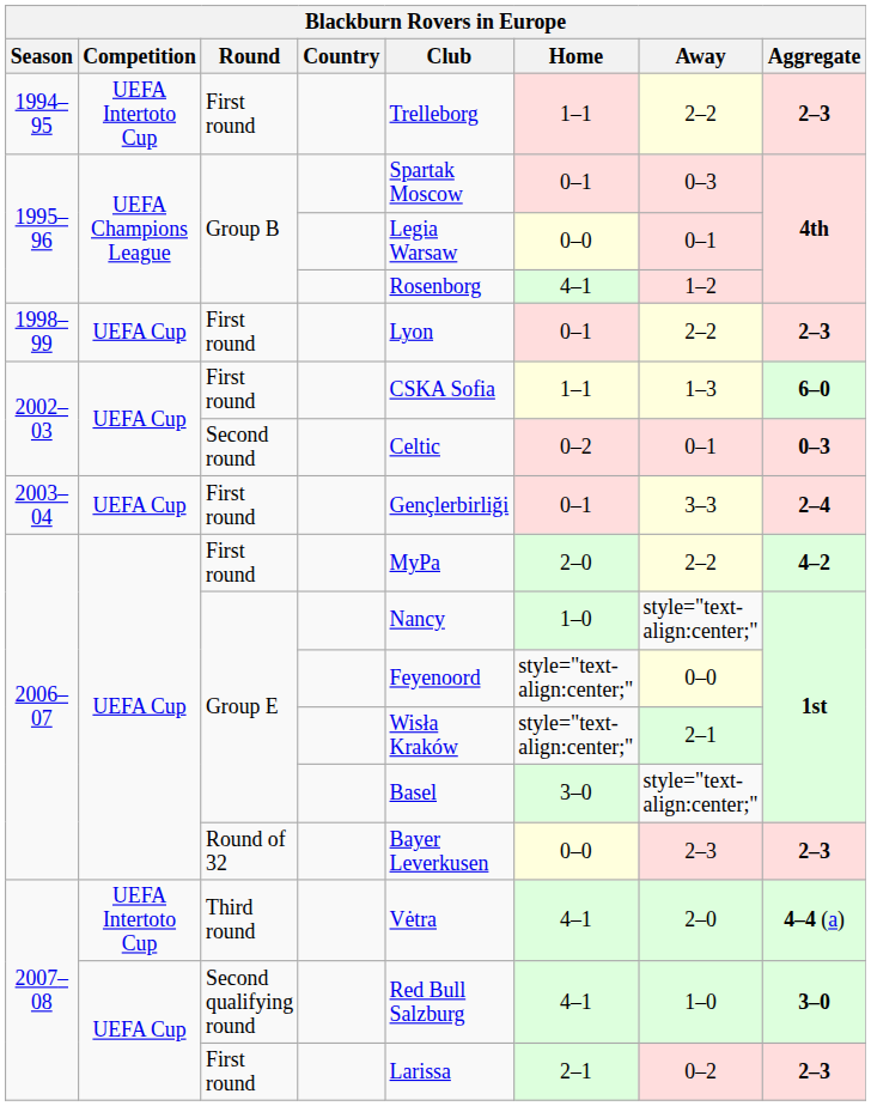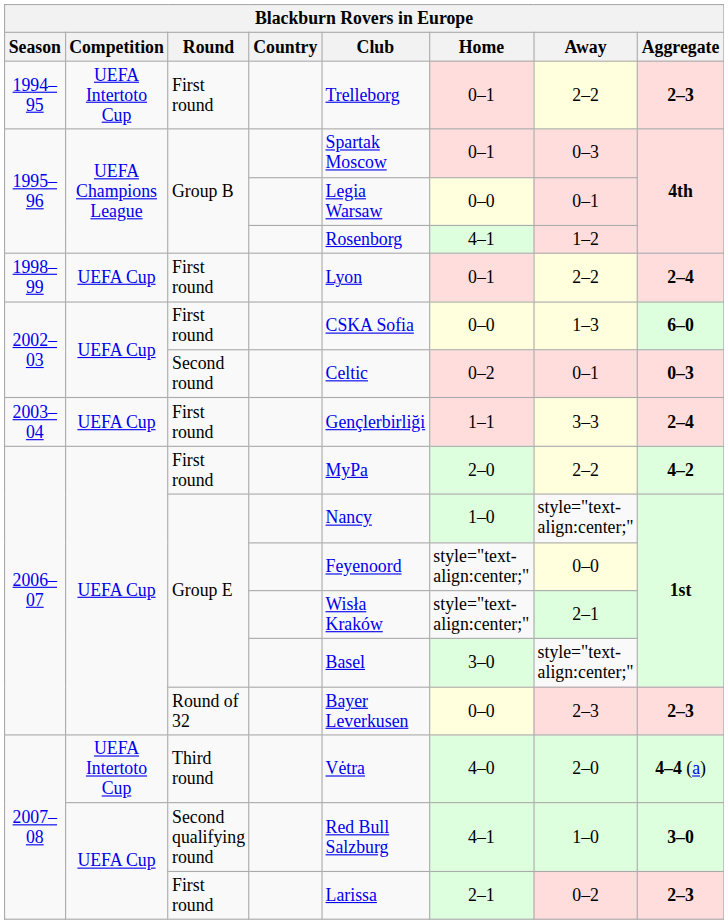 <table class="wikitable">
 <tr>
 <th colspan="9">Blackburn Rovers in Europe</th>
 </tr>
 <tr>
 <th>Season</th>
 <th>Competition</th>
 <th>Round</th>
 <th>Country</th>
 <th>Club</th>
 <th>Home</th>
 <th>Away</th>
 <th>Aggregate</th>
 </tr>
 <tr>
 <td style="text-align:center;"><a href='#'>1994–95</a></td>
 <td style="text-align:center;"><a href='#'>UEFA Intertoto Cup</a></td>
 <td>First round</td>
 <td style="text-align:center;"></td>
 <td><a href='#'>Trelleborg</a></td>
-<td style="text-align:center; background:#fdd;">1–1</td>
+<td style="text-align:center; background:#fdd;">0–1</td>
 <td style="text-align:center; background:#ffd;">2–2</td>
 <td style="text-align:center; background:#fdd;"><strong>2–3</strong></td>
 </tr>
 <tr>
 <td rowspan=3; style="text-align:center;"><a href='#'>1995–96</a></td>
 <td rowspan=3; style="text-align:center;"><a href='#'>UEFA Champions League</a></td>
 <td rowspan=3>Group B</td>
 <td style="text-align:center;"></td>
 <td><a href='#'>Spartak Moscow</a></td>
 <td style="text-align:center; background:#fdd;">0–1</td>
 <td style="text-align:center; background:#fdd;">0–3</td>
 <td rowspan=3; style="text-align:center; background:#fdd;"><strong>4th</strong></td>
 </tr>
 <tr>
 <td style="text-align:center;"></td>
 <td><a href='#'>Legia Warsaw</a></td>
 <td style="text-align:center; background:#ffd;">0–0</td>
 <td style="text-align:center; background:#fdd;">0–1</td>
 </tr>
 <tr>
 <td style="text-align:center;"></td>
 <td><a href='#'>Rosenborg</a></td>
 <td style="text-align:center; background:#dfd;">4–1</td>
 <td style="text-align:center; background:#fdd;">1–2</td>
 </tr>
 <tr>
 <td style="text-align:center;"><a href='#'>1998–99</a></td>
 <td style="text-align:center;"><a href='#'>UEFA Cup</a></td>
 <td>First round</td>
 <td style="text-align:center;"></td>
 <td><a href='#'>Lyon</a></td>
 <td style="text-align:center; background:#fdd;">0–1</td>
 <td style="text-align:center; background:#ffd;">2–2</td>
-<td style="text-align:center; background:#fdd;"><strong>2–3</strong></td>
+<td style="text-align:center; background:#fdd;"><strong>2–4</strong></td>
 </tr>
 <tr>
 <td rowspan=2; style="text-align:center;"><a href='#'>2002–03</a></td>
 <td rowspan=2; style="text-align:center;"><a href='#'>UEFA Cup</a></td>
 <td>First round</td>
 <td style="text-align:center;"></td>
 <td><a href='#'>CSKA Sofia</a></td>
-<td style="text-align:center; background:#ffd;">1–1</td>
+<td style="text-align:center; background:#ffd;">0–0</td>
 <td style="text-align:center; background:#ffd;">1–3</td>
 <td style="text-align:center; background:#dfd;"><strong>6–0</strong></td>
 </tr>
 <tr>
 <td>Second round</td>
 <td style="text-align:center;"></td>
 <td><a href='#'>Celtic</a></td>
 <td style="text-align:center; background:#fdd;">0–2</td>
 <td style="text-align:center; background:#fdd;">0–1</td>
 <td style="text-align:center; background:#fdd;"><strong>0–3</strong></td>
 </tr>
 <tr>
 <td style="text-align:center;"><a href='#'>2003–04</a></td>
 <td style="text-align:center;"><a href='#'>UEFA Cup</a></td>
 <td>First round</td>
 <td style="text-align:center;"></td>
 <td><a href='#'>Gençlerbirliği</a></td>
-<td style="text-align:center; background:#fdd;">0–1</td>
+<td style="text-align:center; background:#fdd;">1–1</td>
 <td style="text-align:center; background:#ffd;">3–3</td>
 <td style="text-align:center; background:#fdd;"><strong>2–4</strong></td>
 </tr>
 <tr>
 <td rowspan=6; style="text-align:center;"><a href='#'>2006–07</a></td>
 <td rowspan=6; style="text-align:center;"><a href='#'>UEFA Cup</a></td>
 <td>First round</td>
 <td style="text-align:center;"></td>
 <td><a href='#'>MyPa</a></td>
 <td style="text-align:center; background:#dfd;">2–0</td>
 <td style="text-align:center; background:#ffd;">2–2</td>
 <td style="text-align:center; background:#dfd;"><strong>4–2</strong></td>
 </tr>
 <tr>
 <td rowspan=4>Group E</td>
 <td style="text-align:center;"></td>
 <td><a href='#'>Nancy</a></td>
 <td style="text-align:center; background:#dfd;">1–0</td>
 <td>style="text-align:center;" </td>
 <td rowspan=4; style="text-align:center; background:#dfd;"><strong>1st</strong></td>
 </tr>
 <tr>
 <td style="text-align:center;"></td>
 <td><a href='#'>Feyenoord</a></td>
 <td>style="text-align:center;" </td>
 <td style="text-align:center; background:#ffd;">0–0</td>
 </tr>
 <tr>
 <td style="text-align:center;"></td>
 <td><a href='#'>Wisła Kraków</a></td>
 <td>style="text-align:center;" </td>
 <td style="text-align:center; background:#dfd;">2–1</td>
 </tr>
 <tr>
 <td style="text-align:center;"></td>
 <td><a href='#'>Basel</a></td>
 <td style="text-align:center; background:#dfd;">3–0</td>
 <td>style="text-align:center;" </td>
 </tr>
 <tr>
 <td>Round of 32</td>
 <td style="text-align:center;"></td>
 <td><a href='#'>Bayer Leverkusen</a></td>
 <td style="text-align:center; background:#ffd;">0–0</td>
 <td style="text-align:center; background:#fdd;">2–3</td>
 <td style="text-align:center; background:#fdd;"><strong>2–3</strong></td>
 </tr>
 <tr>
 <td rowspan=3; style="text-align:center;"><a href='#'>2007</a><a href='#'>–08</a></td>
 <td style="text-align:center;"><a href='#'>UEFA Intertoto Cup</a></td>
 <td>Third round</td>
 <td style="text-align:center;"></td>
 <td><a href='#'>Vėtra</a></td>
-<td style="text-align:center; background:#dfd;">4–1</td>
+<td style="text-align:center; background:#dfd;">4–0</td>
 <td style="text-align:center; background:#dfd;">2–0</td>
 <td style="text-align:center; background:#dfd;"><strong>4–4</strong> (<a href='#'>a</a>)</td>
 </tr>
 <tr>
 <td rowspan=2; style="text-align:center;"><a href='#'>UEFA Cup</a></td>
 <td>Second qualifying round</td>
 <td style="text-align:center;"></td>
 <td><a href='#'>Red Bull Salzburg</a></td>
 <td style="text-align:center; background:#dfd;">4–1</td>
 <td style="text-align:center; background:#dfd;">1–0</td>
 <td style="text-align:center; background:#dfd;"><strong>3–0</strong></td>
 </tr>
 <tr>
 <td>First round</td>
 <td style="text-align:center;"></td>
 <td><a href='#'>Larissa</a></td>
 <td style="text-align:center; background:#dfd;">2–1</td>
 <td style="text-align:center; background:#fdd;">0–2</td>
 <td style="text-align:center; background:#fdd;"><strong>2–3</strong></td>
 </tr>
 </table>
